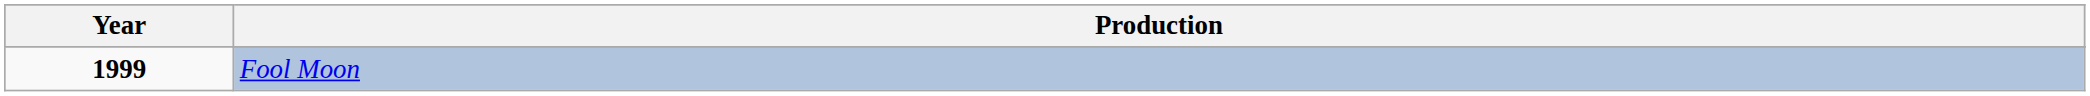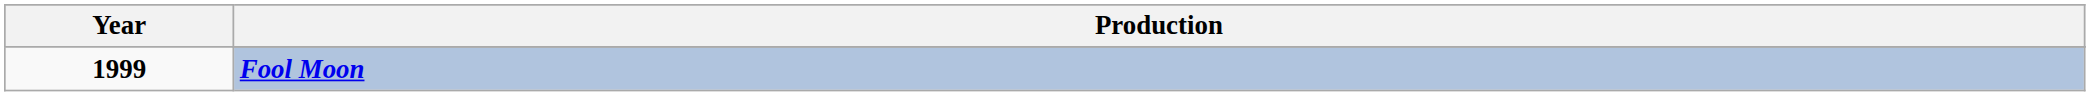 <table class="wikitable" style="width:98%;">
 <tr style="background:#bebebe;">
 <th style="width:11%;">Year</th>
 <th style="width:89%;">Production</th>
 </tr>
 <tr>
 <td rowspan="2" align="center"><strong>1999</strong><br></td>
 </tr>
 <tr style="background:#B0C4DE">
-<td><em><a href='#'>Fool Moon</a></em></td>
+<td><strong><em><a href='#'>Fool Moon</a></em></strong></td>
 </tr>
 </table>
